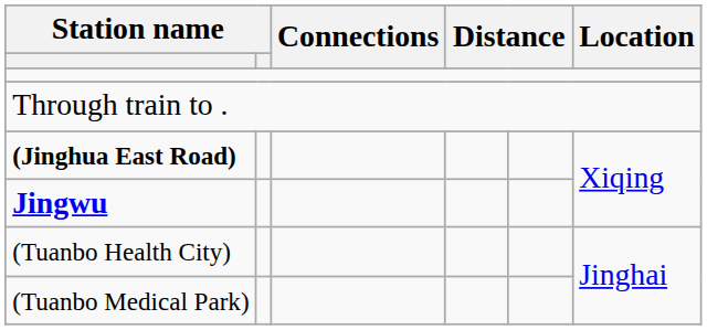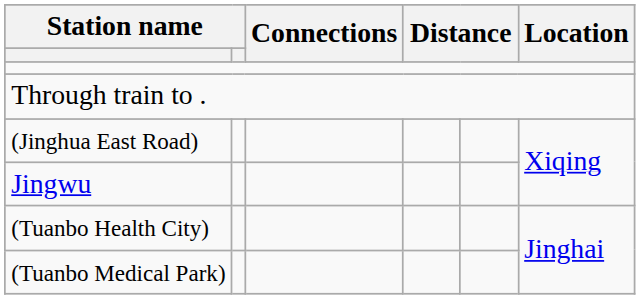 <table class="wikitable">
 <tr>
 <th colspan="2">Station name</th>
 <th rowspan="2">Connections</th>
 <th colspan="2" rowspan="2">Distance<br></th>
 <th rowspan="2">Location</th>
 </tr>
 <tr>
 <th></th>
 <th></th>
 </tr>
 <tr style="background:#">
 <td colspan = "7"></td>
 </tr>
 <tr>
 <td colspan="6">Through train to  .</td>
 </tr>
 <tr>
-<td><strong> <small>(Jinghua East Road)</small></strong></td>
+<td> <small>(Jinghua East Road)</small></td>
 <td></td>
 <td></td>
 <td></td>
 <td></td>
 <td rowspan="2"><a href='#'>Xiqing</a></td>
 </tr>
 <tr>
-<td><strong><a href='#'>Jingwu</a></strong></td>
+<td><a href='#'>Jingwu</a></td>
 <td></td>
 <td></td>
 <td></td>
 <td></td>
 </tr>
 <tr>
 <td> <small>(Tuanbo Health City)</small></td>
 <td></td>
 <td></td>
 <td></td>
 <td></td>
 <td rowspan="2"><a href='#'>Jinghai</a></td>
 </tr>
 <tr>
 <td> <small>(Tuanbo Medical Park)</small></td>
 <td></td>
 <td></td>
 <td></td>
 <td></td>
 </tr>
 </table>
